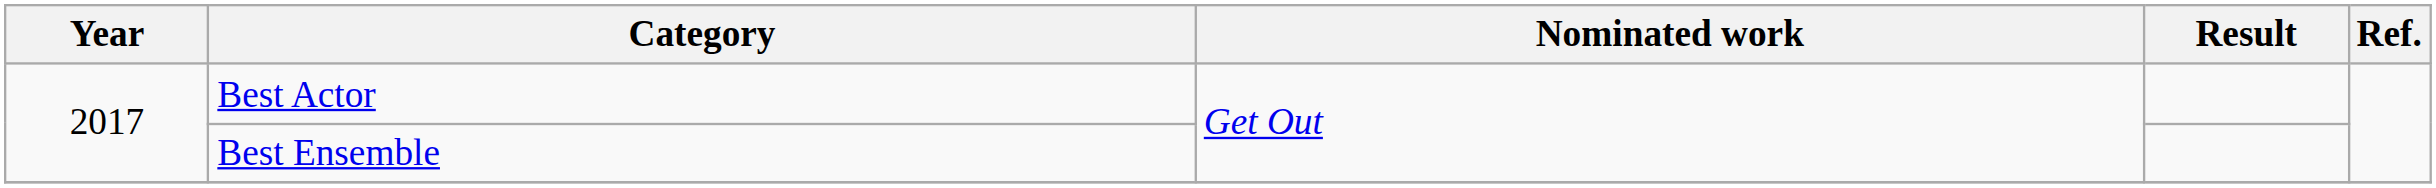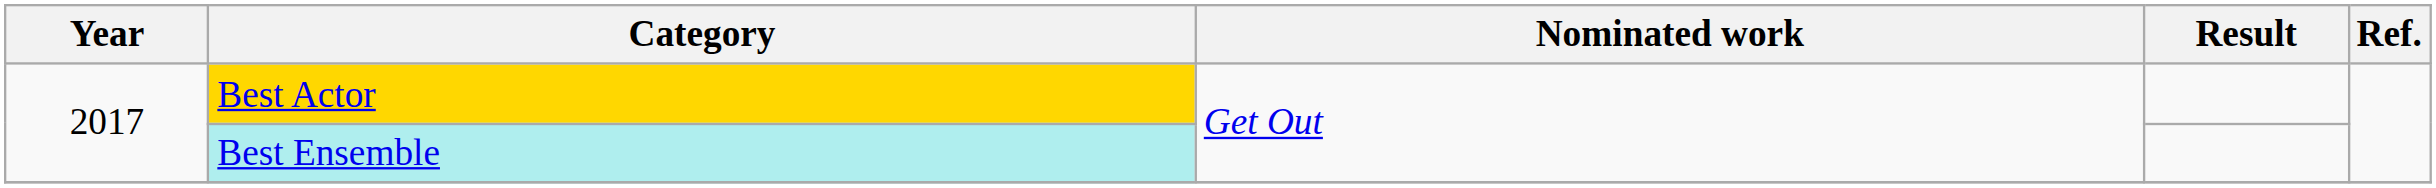 <table class=wikitable>
 <tr>
 <th scope="col" style="width:5em;">Year</th>
 <th scope="col" style="width:26em;">Category</th>
 <th scope="col" style="width:25em;">Nominated work</th>
 <th scope="col" style="width:5em;">Result</th>
 <th>Ref.</th>
 </tr>
 <tr>
 <td style="text-align:center;", rowspan="2">2017</td>
-<td><a href='#'>Best Actor</a></td>
+<td style="background: gold;"><a href='#'>Best Actor</a></td>
 <td rowspan="2"><em><a href='#'>Get Out</a></em></td>
 <td></td>
 <td rowspan="2"></td>
 </tr>
 <tr>
-<td><a href='#'>Best Ensemble</a></td>
+<td style="background: paleturquoise;"><a href='#'>Best Ensemble</a></td>
 <td></td>
 </tr>
 <tr>
 </tr>
 </table>
